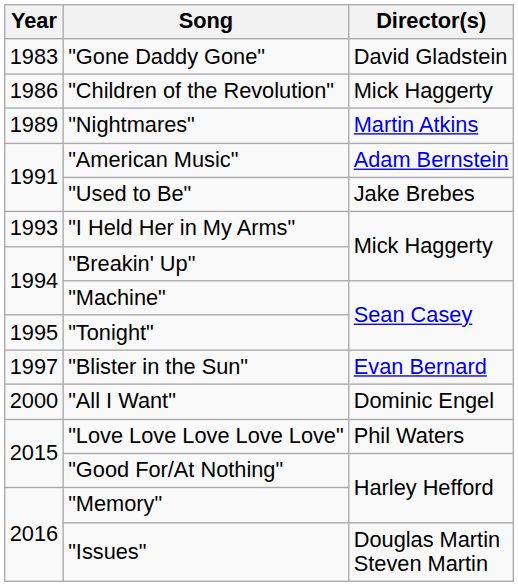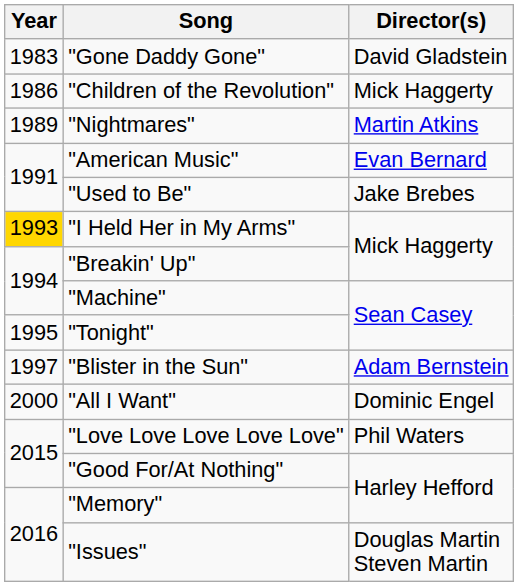 <table class="wikitable">
 <tr>
 <th>Year</th>
 <th>Song</th>
 <th>Director(s)</th>
 </tr>
 <tr>
 <td>1983</td>
 <td>"Gone Daddy Gone"</td>
 <td>David Gladstein</td>
 </tr>
 <tr>
 <td>1986</td>
 <td>"Children of the Revolution"</td>
 <td>Mick Haggerty</td>
 </tr>
 <tr>
 <td>1989</td>
 <td>"Nightmares"</td>
 <td><a href='#'>Martin Atkins</a></td>
 </tr>
 <tr>
 <td rowspan="2">1991</td>
 <td>"American Music"</td>
-<td><a href='#'>Adam Bernstein</a></td>
+<td><a href='#'>Evan Bernard</a></td>
 </tr>
 <tr>
 <td>"Used to Be"</td>
 <td>Jake Brebes</td>
 </tr>
 <tr>
-<td>1993</td>
+<td style="background: gold;">1993</td>
 <td>"I Held Her in My Arms"</td>
 <td rowspan="2">Mick Haggerty</td>
 </tr>
 <tr>
 <td rowspan="2">1994</td>
 <td>"Breakin' Up"</td>
 </tr>
 <tr>
 <td>"Machine"</td>
 <td rowspan="2"><a href='#'>Sean Casey</a></td>
 </tr>
 <tr>
 <td>1995</td>
 <td>"Tonight"</td>
 </tr>
 <tr>
 <td>1997</td>
 <td>"Blister in the Sun"</td>
-<td><a href='#'>Evan Bernard</a></td>
+<td><a href='#'>Adam Bernstein</a></td>
 </tr>
 <tr>
 <td>2000</td>
 <td>"All I Want"</td>
 <td>Dominic Engel</td>
 </tr>
 <tr>
 <td rowspan="2">2015</td>
 <td>"Love Love Love Love Love"</td>
 <td>Phil Waters</td>
 </tr>
 <tr>
 <td>"Good For/At Nothing"</td>
 <td rowspan="2">Harley Hefford</td>
 </tr>
 <tr>
 <td rowspan="2">2016</td>
 <td>"Memory"</td>
 </tr>
 <tr>
 <td>"Issues"</td>
 <td>Douglas Martin<br> Steven Martin</td>
 </tr>
 </table>
